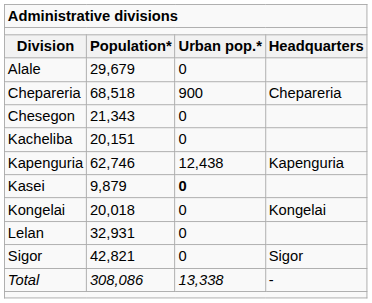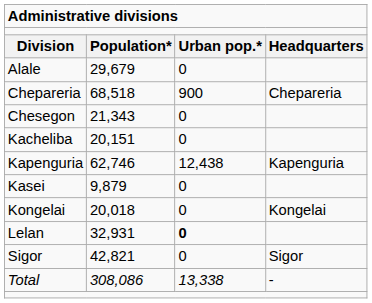 <table class="wikitable">
 <tr>
 <td colspan="4"><strong>Administrative divisions</strong></td>
 </tr>
 <tr>
 <td colspan="4"></td>
 </tr>
 <tr>
 <th>Division</th>
 <th>Population*</th>
 <th>Urban pop.*</th>
 <th>Headquarters</th>
 </tr>
 <tr>
 <td>Alale</td>
 <td>29,679</td>
 <td>0</td>
 <td></td>
 </tr>
 <tr>
 <td>Chepareria</td>
 <td>68,518</td>
 <td>900</td>
 <td>Chepareria</td>
 </tr>
 <tr>
 <td>Chesegon</td>
 <td>21,343</td>
 <td>0</td>
 <td></td>
 </tr>
 <tr>
 <td>Kacheliba</td>
 <td>20,151</td>
 <td>0</td>
 <td></td>
 </tr>
 <tr>
 <td>Kapenguria</td>
 <td>62,746</td>
 <td>12,438</td>
 <td>Kapenguria</td>
 </tr>
 <tr>
 <td>Kasei</td>
 <td>9,879</td>
-<td><strong>0</strong></td>
+<td>0</td>
 <td></td>
 </tr>
 <tr>
 <td>Kongelai</td>
 <td>20,018</td>
 <td>0</td>
 <td>Kongelai</td>
 </tr>
 <tr>
 <td>Lelan</td>
 <td>32,931</td>
-<td>0</td>
+<td><strong>0</strong></td>
 <td></td>
 </tr>
 <tr>
 <td>Sigor</td>
 <td>42,821</td>
 <td>0</td>
 <td>Sigor</td>
 </tr>
 <tr>
 <td><em>Total</em></td>
 <td><em>308,086</em></td>
 <td><em>13,338</em></td>
 <td>-</td>
 </tr>
 <tr>
 <td colspan="4"></td>
 </tr>
 </table>
